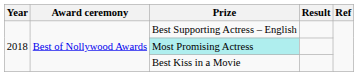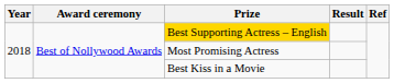 <table class ="wikitable">
 <tr>
 <th>Year</th>
 <th>Award ceremony</th>
 <th>Prize</th>
 <th>Result</th>
 <th>Ref</th>
 </tr>
 <tr>
 <td rowspan="3">2018</td>
 <td rowspan="3"><a href='#'>Best of Nollywood Awards</a></td>
-<td>Best Supporting Actress – English</td>
+<td style="background: gold;">Best Supporting Actress – English</td>
 <td></td>
 <td rowspan="3"></td>
 </tr>
 <tr>
-<td style="background: paleturquoise;">Most Promising Actress</td>
+<td>Most Promising Actress</td>
 <td></td>
 </tr>
 <tr>
 <td>Best Kiss in a Movie</td>
 <td></td>
 </tr>
 </table>
